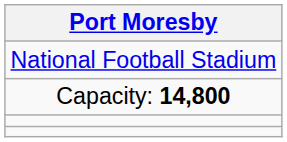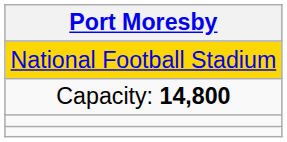 <table class="wikitable" style="margin-left: auto; margin-right: auto; border: none;text-align:center">
 <tr>
 <th><a href='#'>Port Moresby</a></th>
 </tr>
 <tr>
-<td><a href='#'>National Football Stadium</a></td>
+<td style="background: gold;"><a href='#'>National Football Stadium</a></td>
 </tr>
 <tr>
 <td>Capacity: <strong>14,800</strong></td>
 </tr>
 <tr>
 <td></td>
 </tr>
 <tr>
 <td></td>
 </tr>
 </table>
